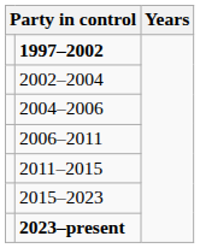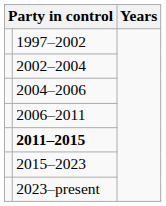 <table class="wikitable">
 <tr>
 <th colspan="2">Party in control</th>
 <th>Years</th>
 </tr>
 <tr>
 <td></td>
-<td><strong>1997–2002</strong></td>
+<td>1997–2002</td>
 </tr>
 <tr>
 <td></td>
 <td>2002–2004</td>
 </tr>
 <tr>
 <td></td>
 <td>2004–2006</td>
 </tr>
 <tr>
 <td></td>
 <td>2006–2011</td>
 </tr>
 <tr>
 <td></td>
-<td>2011–2015</td>
+<td><strong>2011–2015</strong></td>
 </tr>
 <tr>
 <td></td>
 <td>2015–2023</td>
 </tr>
 <tr>
 <td></td>
-<td><strong>2023–present</strong></td>
+<td>2023–present</td>
 </tr>
 </table>
